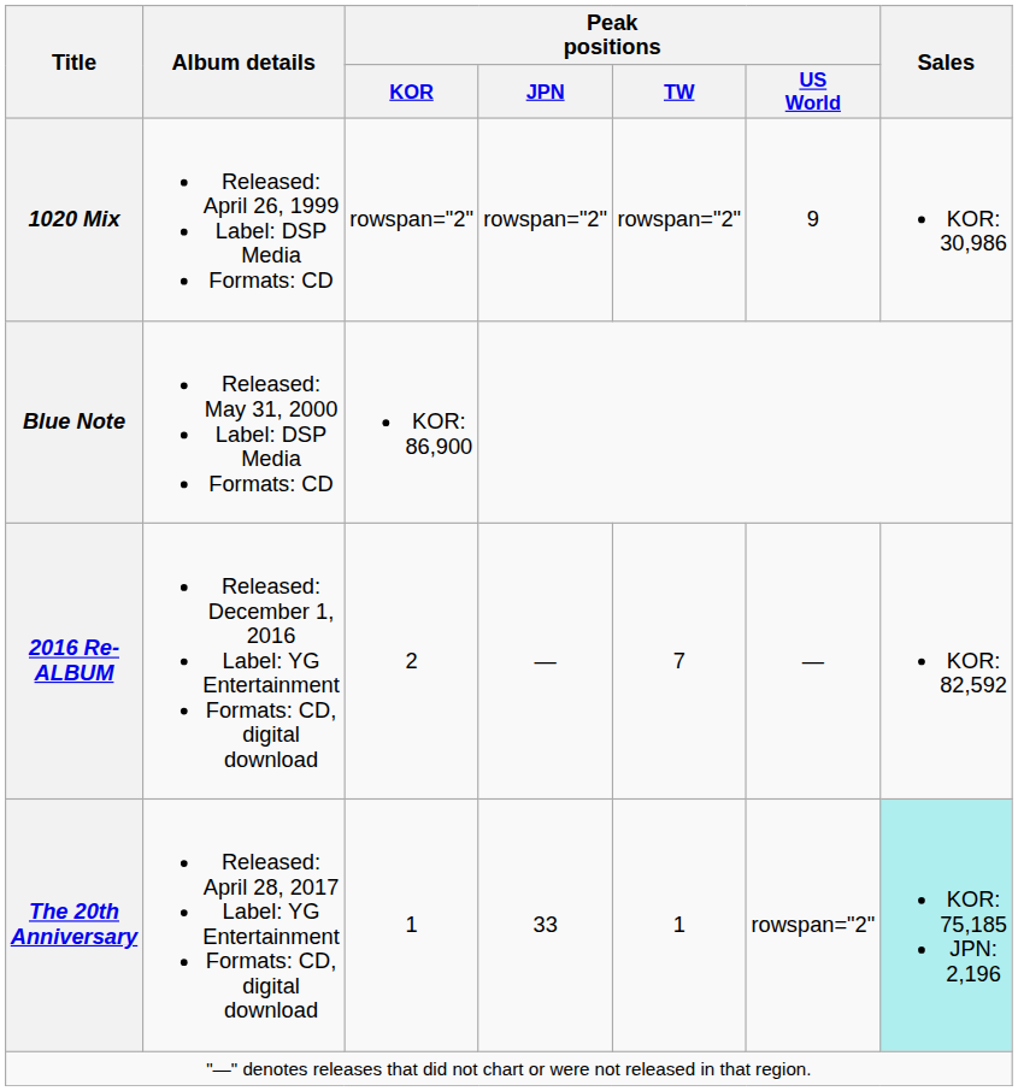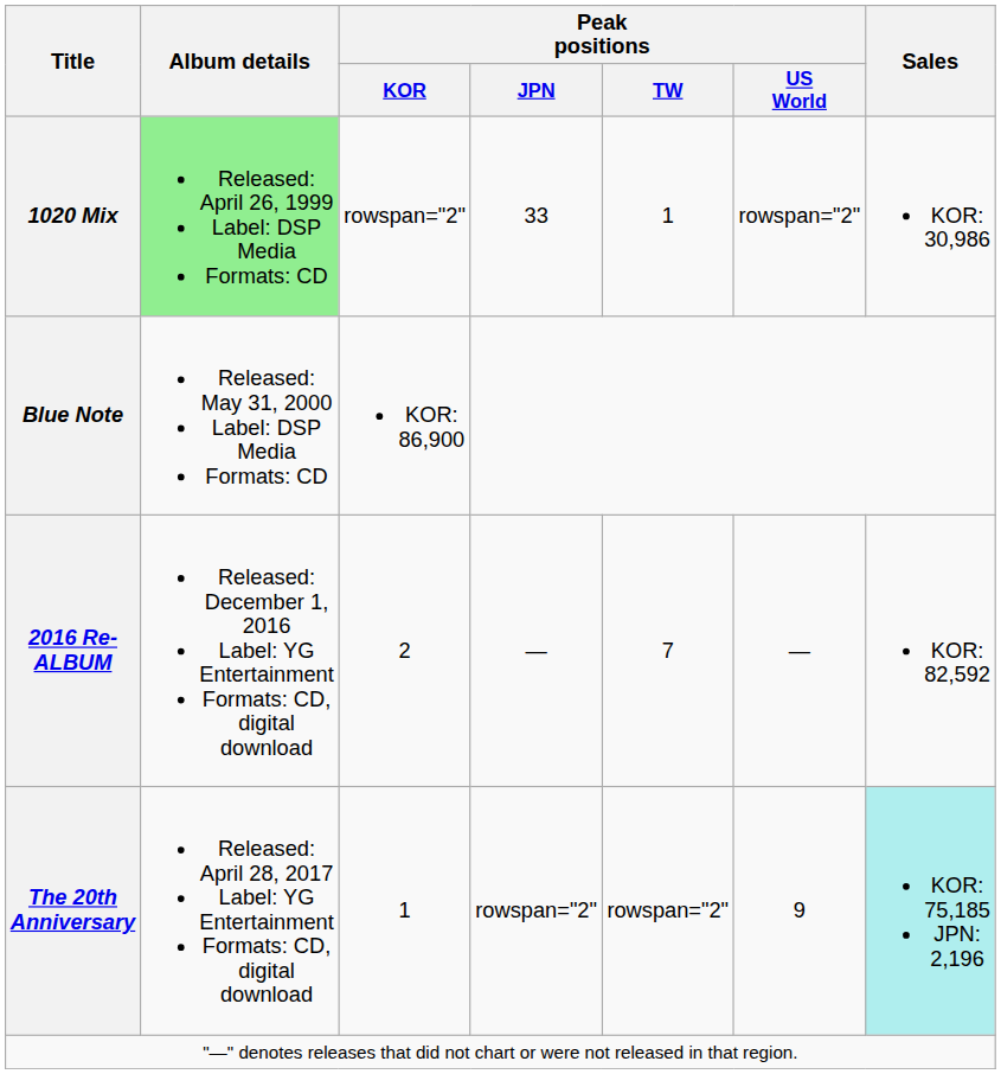 <table class="wikitable plainrowheaders" style="text-align:center;">
 <tr>
 <th rowspan="2" style="width:11em;">Title</th>
 <th rowspan="2" style="width:18em;">Album details</th>
 <th colspan="4">Peak<br>positions</th>
 <th rowspan="2" style="width:11em;">Sales</th>
 </tr>
 <tr>
 <th scope="col" style="width:3em;font-size:90%;"><a href='#'>KOR</a><br></th>
 <th scope="col" style="width:3em;font-size:90%;"><a href='#'>JPN</a><br></th>
 <th scope="col" style="width:3em;font-size:90%;"><a href='#'>TW</a><br></th>
 <th scope="col" style="width:3em;font-size:90%;"><a href='#'>US<br>World</a><br></th>
 </tr>
 <tr>
 <th scope="row"><em>1020 Mix</em></th>
-<td><br><ul><li>Released: April 26, 1999</li><li>Label: DSP Media</li><li>Formats: CD</li></ul></td>
+<td style="background: lightgreen;"><br><ul><li>Released: April 26, 1999</li><li>Label: DSP Media</li><li>Formats: CD</li></ul></td>
 <td>rowspan="2" </td>
+<td>33</td>
+<td>1</td>
 <td>rowspan="2" </td>
-<td>rowspan="2" </td>
-<td>9</td>
 <td><br><ul><li>KOR: 30,986</li></ul></td>
 </tr>
 <tr>
 <th scope="row"><em>Blue Note</em></th>
 <td><br><ul><li>Released: May 31, 2000</li><li>Label: DSP Media</li><li>Formats: CD</li></ul></td>
 <td><br><ul><li>KOR: 86,900</li></ul></td>
 </tr>
 <tr>
 <th scope="row"><em><a href='#'>2016 Re-ALBUM</a></em></th>
 <td><br><ul><li>Released: December 1, 2016</li><li>Label: YG Entertainment</li><li>Formats: CD, digital download</li></ul></td>
 <td>2</td>
 <td>—</td>
 <td>7</td>
 <td>—</td>
 <td><br><ul><li>KOR: 82,592</li></ul></td>
 </tr>
 <tr>
 <th scope="row"><em><a href='#'>The 20th Anniversary</a></em></th>
 <td><br><ul><li>Released: April 28, 2017</li><li>Label: YG Entertainment</li><li>Formats: CD, digital download</li></ul></td>
 <td>1</td>
-<td>33</td>
-<td>1</td>
 <td>rowspan="2" </td>
+<td>rowspan="2" </td>
+<td>9</td>
 <td style="background: paleturquoise;"><br><ul><li>KOR: 75,185</li><li>JPN: 2,196</li></ul></td>
 </tr>
 <tr>
 <td colspan="11"><small>"—" denotes releases that did not chart or were not released in that region.</small></td>
 </tr>
 </table>
